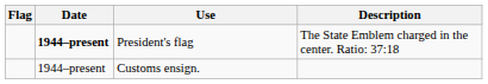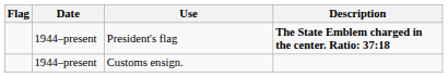 <table class="wikitable" style="background: #f9f9f9; border">
 <tr bgcolor="#efefef">
 <th>Flag</th>
 <th width="100">Date</th>
 <th width="250">Use</th>
 <th width="250">Description</th>
 </tr>
 <tr>
 <td></td>
-<td><strong>1944–present</strong></td>
+<td>1944–present</td>
 <td>President's flag</td>
-<td>The State Emblem charged in the center. Ratio: 37:18</td>
+<td><strong>The State Emblem charged in the center. Ratio: 37:18</strong></td>
 </tr>
 <tr>
 <td></td>
 <td>1944–present</td>
 <td>Customs ensign.</td>
 </tr>
 </table>
